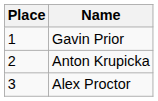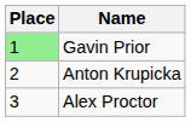 <table class="wikitable">
 <tr>
 <th>Place</th>
 <th>Name</th>
 </tr>
 <tr>
-<td>1</td>
+<td style="background: lightgreen;">1</td>
 <td> Gavin Prior</td>
 </tr>
 <tr>
 <td>2</td>
 <td> Anton Krupicka</td>
 </tr>
 <tr>
 <td>3</td>
 <td> Alex Proctor</td>
 </tr>
 </table>
